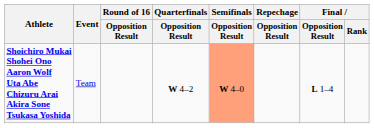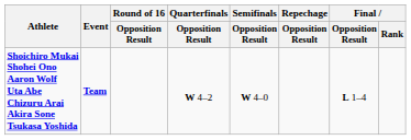 <table class="wikitable" style="font-size:90%">
 <tr>
 <th rowspan="2">Athlete</th>
 <th rowspan="2">Event</th>
 <th>Round of 16</th>
 <th>Quarterfinals</th>
 <th>Semifinals</th>
 <th>Repechage</th>
 <th colspan=2>Final / </th>
 </tr>
 <tr style="font-size:95%">
 <th>Opposition<br>Result</th>
 <th>Opposition<br>Result</th>
 <th>Opposition<br>Result</th>
 <th>Opposition<br>Result</th>
 <th>Opposition<br>Result</th>
 <th>Rank</th>
 </tr>
 <tr align=center>
 <td align=left><strong><a href='#'>Shoichiro Mukai</a><br><a href='#'>Shohei Ono</a><br><a href='#'>Aaron Wolf</a><br><a href='#'>Uta Abe</a><br><a href='#'>Chizuru Arai</a><br><a href='#'>Akira Sone</a><br><a href='#'>Tsukasa Yoshida</a></strong></td>
-<td align=left><a href='#'>Team</a></td>
+<td align=left><strong><a href='#'>Team</a></strong></td>
 <td></td>
 <td><br><strong>W</strong> 4–2</td>
-<td style="background: lightsalmon;"><br><strong>W</strong> 4–0</td>
+<td><br><strong>W</strong> 4–0</td>
 <td></td>
 <td><br><strong>L</strong> 1–4</td>
 <td></td>
 </tr>
 </table>
